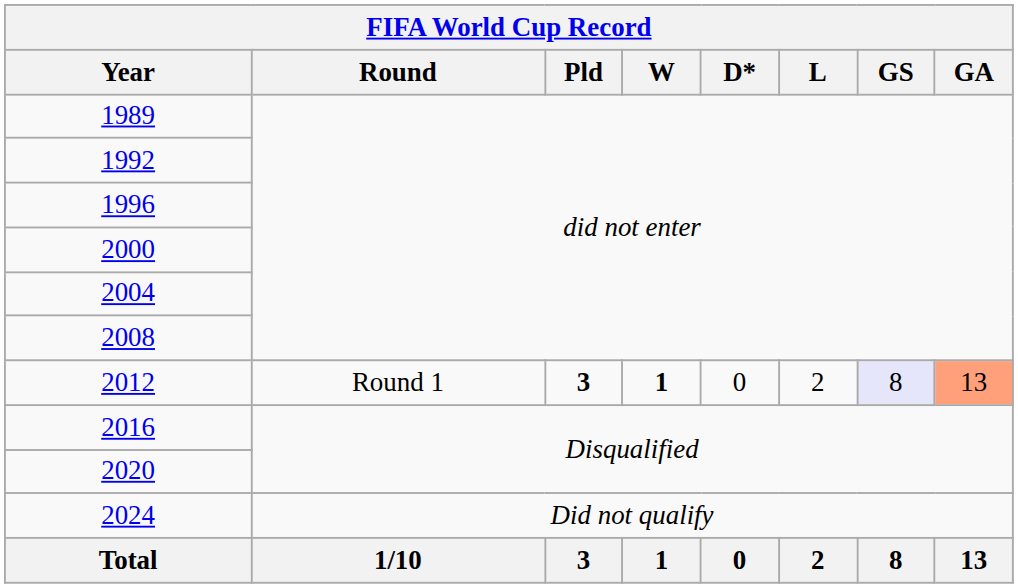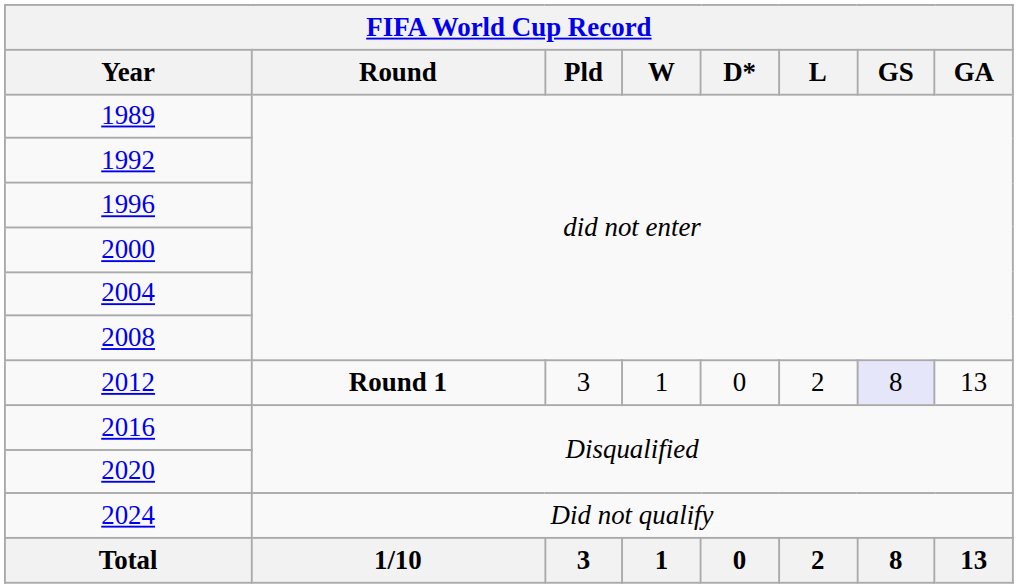 <table class="wikitable" style="text-align: center;font-size:90%;">
 <tr>
 <th colspan=8><a href='#'>FIFA World Cup Record</a></th>
 </tr>
 <tr>
 <th width=125>Year</th>
 <th width=150>Round</th>
 <th width=35>Pld</th>
 <th width=35>W</th>
 <th width=35>D*</th>
 <th width=35>L</th>
 <th width=35>GS</th>
 <th width=35>GA</th>
 </tr>
 <tr>
 <td> <a href='#'>1989</a></td>
 <td colspan="7" rowspan="6"><em>did not enter</em></td>
 </tr>
 <tr>
 <td> <a href='#'>1992</a></td>
 </tr>
 <tr>
 <td> <a href='#'>1996</a></td>
 </tr>
 <tr>
 <td> <a href='#'>2000</a></td>
 </tr>
 <tr>
 <td> <a href='#'>2004</a></td>
 </tr>
 <tr>
 <td> <a href='#'>2008</a></td>
 </tr>
 <tr>
 <td> <a href='#'>2012</a></td>
-<td>Round 1</td>
-<td><strong>3</strong></td>
-<td><strong>1</strong></td>
+<td><strong>Round 1</strong></td>
+<td>3</td>
+<td>1</td>
 <td>0</td>
 <td>2</td>
 <td style="background: lavender;">8</td>
-<td style="background: lightsalmon;">13</td>
+<td>13</td>
 </tr>
 <tr>
 <td> <a href='#'>2016</a></td>
 <td colspan="7" rowspan="2"><em>Disqualified</em></td>
 </tr>
 <tr>
 <td> <a href='#'>2020</a></td>
 </tr>
 <tr>
 <td> <a href='#'>2024</a></td>
 <td colspan="7"><em>Did not qualify</em></td>
 </tr>
 <tr>
 <th><strong>Total</strong></th>
 <th>1/10</th>
 <th>3</th>
 <th>1</th>
 <th>0</th>
 <th>2</th>
 <th>8</th>
 <th>13</th>
 </tr>
 </table>
